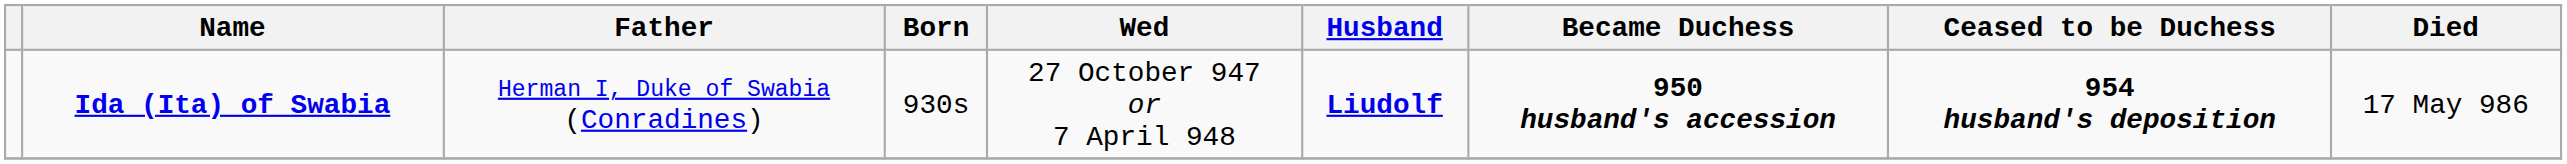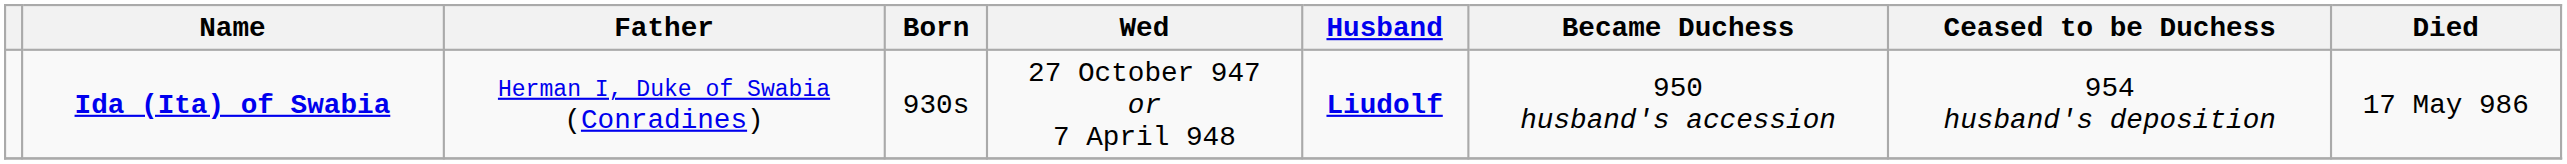 <table width=95% class="wikitable" style="text-align:center">
 <tr>
 <th></th>
 <th>Name</th>
 <th>Father</th>
 <th>Born</th>
 <th>Wed</th>
 <th><a href='#'>Husband</a></th>
 <th>Became Duchess</th>
 <th>Ceased to be Duchess</th>
 <th>Died</th>
 </tr>
 <tr>
 <td></td>
 <td><strong><a href='#'>Ida (Ita) of Swabia</a></strong></td>
 <td align="center"><small><a href='#'>Herman I, Duke of Swabia</a></small><br>(<a href='#'>Conradines</a>)</td>
 <td>930s</td>
 <td>27 October 947<br><em>or</em><br>7 April 948</td>
 <td><strong><a href='#'>Liudolf</a></strong></td>
-<td><strong>950<br><em>husband's accession</em></strong></td>
-<td><strong>954<br><em>husband's deposition</em></strong></td>
+<td>950<br><em>husband's accession</em></td>
+<td>954<br><em>husband's deposition</em></td>
 <td>17 May 986</td>
 </tr>
 <tr>
 </tr>
 </table>
